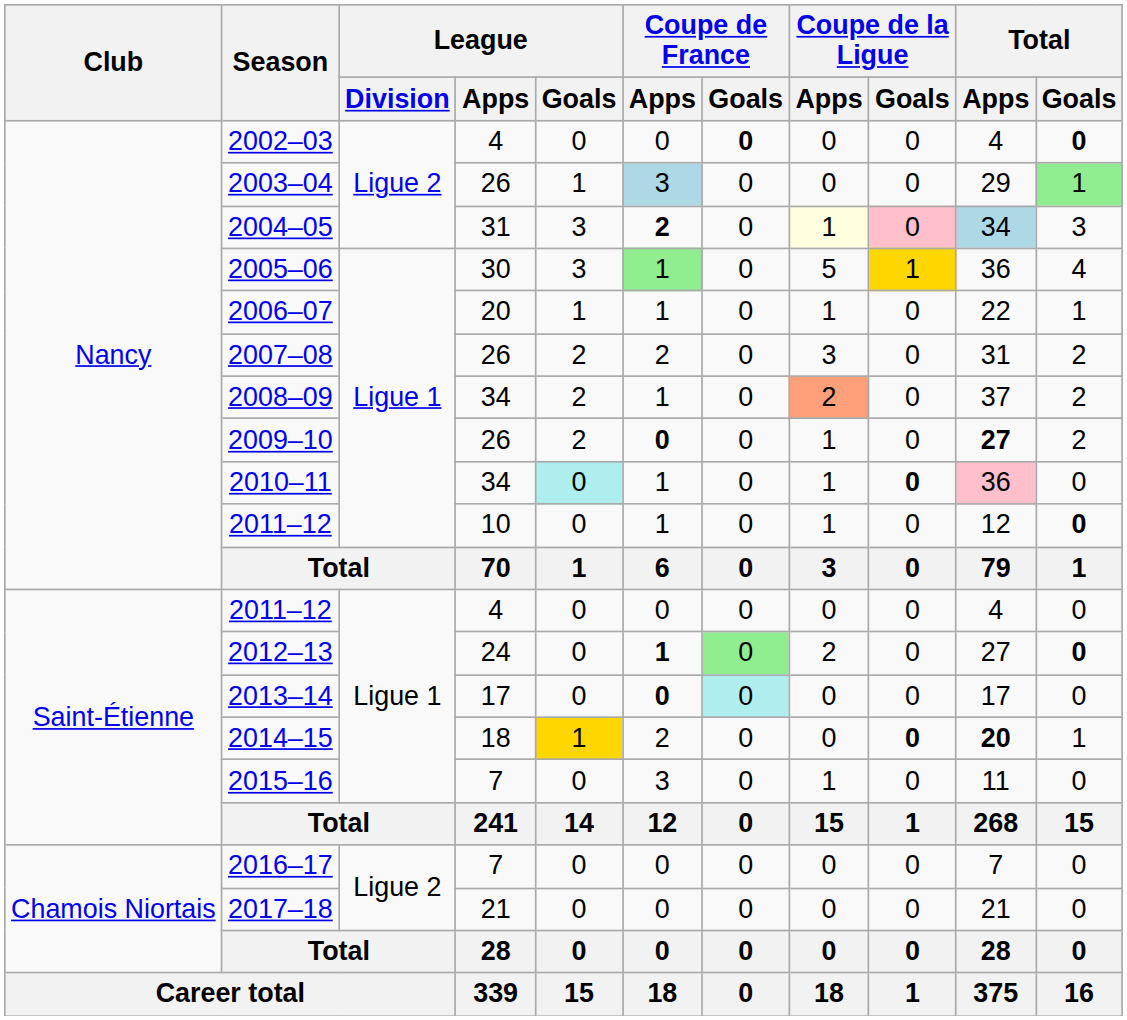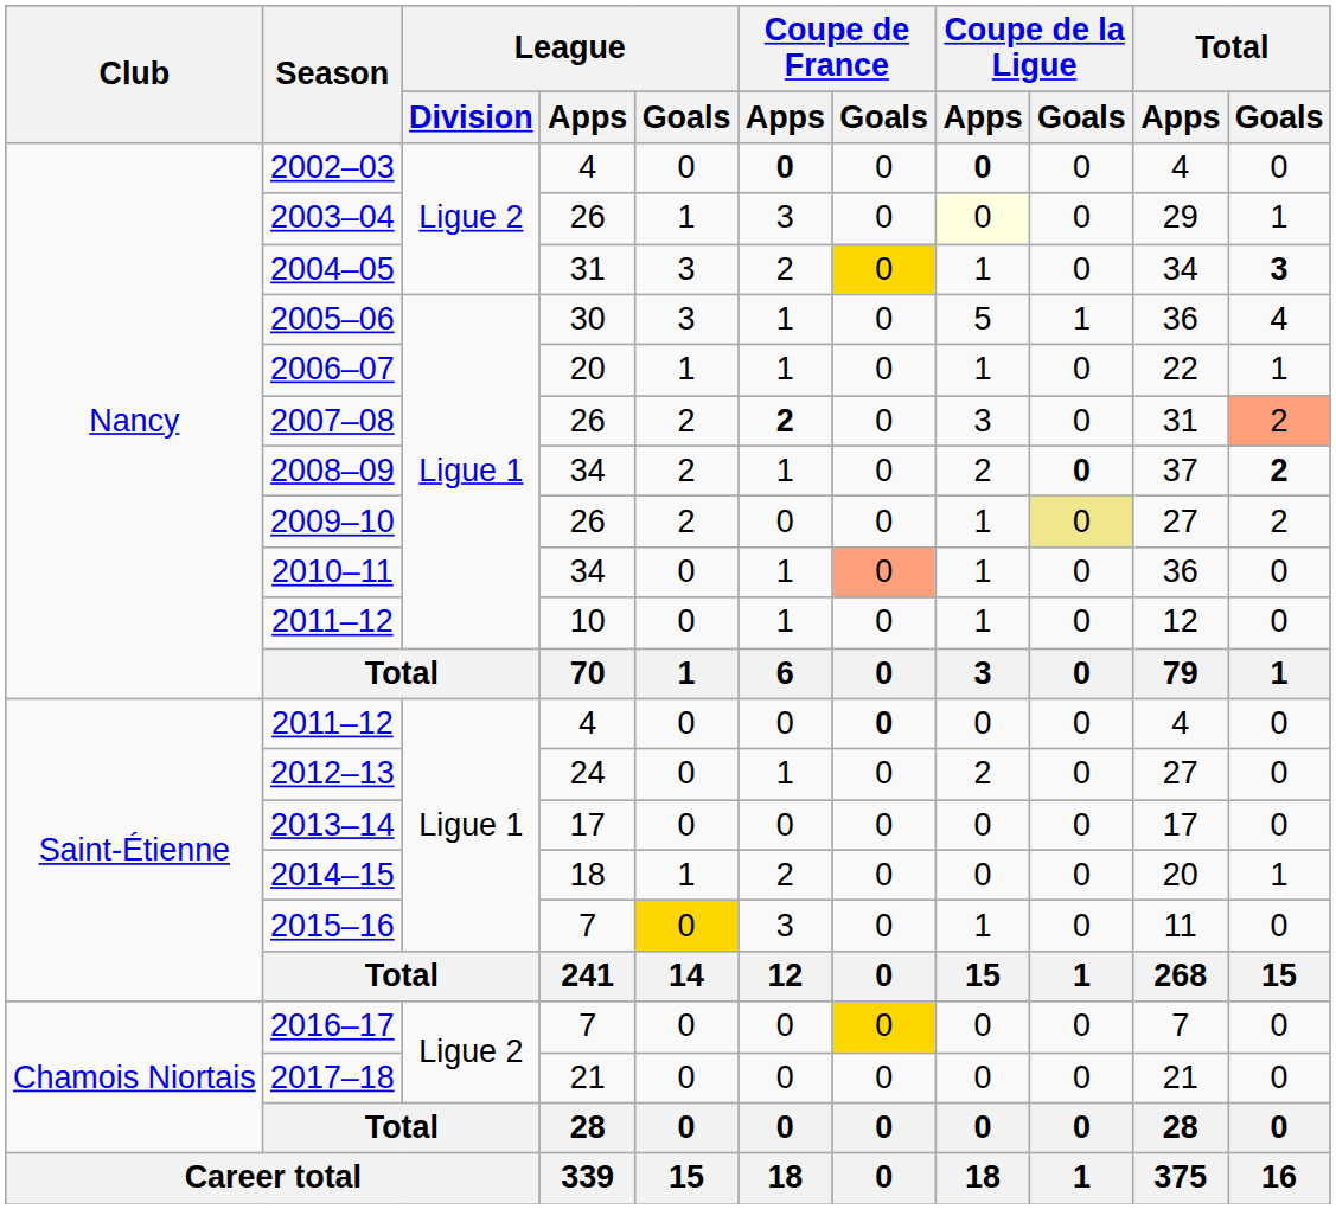 <table class="wikitable" style="text-align:center">
 <tr>
 <th rowspan="2">Club</th>
 <th rowspan="2">Season</th>
 <th colspan="3">League</th>
 <th colspan="2"><a href='#'>Coupe de France</a></th>
 <th colspan="2"><a href='#'>Coupe de la Ligue</a></th>
 <th colspan="2">Total</th>
 </tr>
 <tr>
 <th><a href='#'>Division</a></th>
 <th width="40">Apps</th>
 <th width="40">Goals</th>
 <th width="40">Apps</th>
 <th width="40">Goals</th>
 <th width="40">Apps</th>
 <th width="40">Goals</th>
 <th width="40">Apps</th>
 <th width="40">Goals</th>
 </tr>
 <tr>
 <td rowspan="11"><a href='#'>Nancy</a></td>
 <td><a href='#'>2002–03</a></td>
 <td rowspan="3"><a href='#'>Ligue 2</a></td>
 <td>4</td>
 <td>0</td>
+<td><strong>0</strong></td>
 <td>0</td>
 <td><strong>0</strong></td>
 <td>0</td>
+<td>4</td>
 <td>0</td>
-<td>4</td>
-<td><strong>0</strong></td>
 </tr>
 <tr>
 <td><a href='#'>2003–04</a></td>
 <td>26</td>
 <td>1</td>
-<td style="background: lightblue;">3</td>
+<td>3</td>
 <td>0</td>
-<td>0</td>
+<td style="background: lightyellow;">0</td>
 <td>0</td>
 <td>29</td>
-<td style="background: lightgreen;">1</td>
+<td>1</td>
 </tr>
 <tr>
 <td><a href='#'>2004–05</a></td>
 <td>31</td>
 <td>3</td>
-<td><strong>2</strong></td>
+<td>2</td>
+<td style="background: gold;">0</td>
+<td>1</td>
 <td>0</td>
-<td style="background: lightyellow;">1</td>
-<td style="background: pink;">0</td>
-<td style="background: lightblue;">34</td>
-<td>3</td>
+<td>34</td>
+<td><strong>3</strong></td>
 </tr>
 <tr>
 <td><a href='#'>2005–06</a></td>
 <td rowspan="7"><a href='#'>Ligue 1</a></td>
 <td>30</td>
 <td>3</td>
-<td style="background: lightgreen;">1</td>
+<td>1</td>
 <td>0</td>
 <td>5</td>
-<td style="background: gold;">1</td>
+<td>1</td>
 <td>36</td>
 <td>4</td>
 </tr>
 <tr>
 <td><a href='#'>2006–07</a></td>
 <td>20</td>
 <td>1</td>
 <td>1</td>
 <td>0</td>
 <td>1</td>
 <td>0</td>
 <td>22</td>
 <td>1</td>
 </tr>
 <tr>
 <td><a href='#'>2007–08</a></td>
 <td>26</td>
 <td>2</td>
-<td>2</td>
+<td><strong>2</strong></td>
 <td>0</td>
 <td>3</td>
 <td>0</td>
 <td>31</td>
-<td>2</td>
+<td style="background: lightsalmon;">2</td>
 </tr>
 <tr>
 <td><a href='#'>2008–09</a></td>
 <td>34</td>
 <td>2</td>
 <td>1</td>
 <td>0</td>
-<td style="background: lightsalmon;">2</td>
-<td>0</td>
+<td>2</td>
+<td><strong>0</strong></td>
 <td>37</td>
-<td>2</td>
+<td><strong>2</strong></td>
 </tr>
 <tr>
 <td><a href='#'>2009–10</a></td>
 <td>26</td>
 <td>2</td>
-<td><strong>0</strong></td>
+<td>0</td>
 <td>0</td>
 <td>1</td>
-<td>0</td>
-<td><strong>27</strong></td>
+<td style="background: khaki;">0</td>
+<td>27</td>
 <td>2</td>
 </tr>
 <tr>
 <td><a href='#'>2010–11</a></td>
 <td>34</td>
-<td style="background: paleturquoise;">0</td>
+<td>0</td>
+<td>1</td>
+<td style="background: lightsalmon;">0</td>
 <td>1</td>
 <td>0</td>
-<td>1</td>
-<td><strong>0</strong></td>
-<td style="background: pink;">36</td>
+<td>36</td>
 <td>0</td>
 </tr>
 <tr>
 <td><a href='#'>2011–12</a></td>
 <td>10</td>
 <td>0</td>
 <td>1</td>
 <td>0</td>
 <td>1</td>
 <td>0</td>
 <td>12</td>
-<td><strong>0</strong></td>
+<td>0</td>
 </tr>
 <tr>
 <th colspan="2">Total</th>
 <th>70</th>
 <th>1</th>
 <th>6</th>
 <th>0</th>
 <th>3</th>
 <th>0</th>
 <th>79</th>
 <th>1</th>
 </tr>
 <tr>
 <td rowspan="6"><a href='#'>Saint-Étienne</a></td>
 <td><a href='#'>2011–12</a></td>
 <td rowspan="5">Ligue 1</td>
 <td>4</td>
 <td>0</td>
 <td>0</td>
-<td>0</td>
+<td><strong>0</strong></td>
 <td>0</td>
 <td>0</td>
 <td>4</td>
 <td>0</td>
 </tr>
 <tr>
 <td><a href='#'>2012–13</a></td>
 <td>24</td>
 <td>0</td>
-<td><strong>1</strong></td>
-<td style="background: lightgreen;">0</td>
+<td>1</td>
+<td>0</td>
 <td>2</td>
 <td>0</td>
 <td>27</td>
-<td><strong>0</strong></td>
+<td>0</td>
 </tr>
 <tr>
 <td><a href='#'>2013–14</a></td>
 <td>17</td>
 <td>0</td>
-<td><strong>0</strong></td>
-<td style="background: paleturquoise;">0</td>
+<td>0</td>
+<td>0</td>
 <td>0</td>
 <td>0</td>
 <td>17</td>
 <td>0</td>
 </tr>
 <tr>
 <td><a href='#'>2014–15</a></td>
 <td>18</td>
-<td style="background: gold;">1</td>
+<td>1</td>
 <td>2</td>
 <td>0</td>
 <td>0</td>
-<td><strong>0</strong></td>
-<td><strong>20</strong></td>
+<td>0</td>
+<td>20</td>
 <td>1</td>
 </tr>
 <tr>
 <td><a href='#'>2015–16</a></td>
 <td>7</td>
-<td>0</td>
+<td style="background: gold;">0</td>
 <td>3</td>
 <td>0</td>
 <td>1</td>
 <td>0</td>
 <td>11</td>
 <td>0</td>
 </tr>
 <tr>
 <th colspan="2">Total</th>
 <th>241</th>
 <th>14</th>
 <th>12</th>
 <th>0</th>
 <th>15</th>
 <th>1</th>
 <th>268</th>
 <th>15</th>
 </tr>
 <tr>
 <td rowspan="3"><a href='#'>Chamois Niortais</a></td>
 <td><a href='#'>2016–17</a></td>
 <td rowspan="2">Ligue 2</td>
 <td>7</td>
 <td>0</td>
 <td>0</td>
-<td>0</td>
+<td style="background: gold;">0</td>
 <td>0</td>
 <td>0</td>
 <td>7</td>
 <td>0</td>
 </tr>
 <tr>
 <td><a href='#'>2017–18</a></td>
 <td>21</td>
 <td>0</td>
 <td>0</td>
 <td>0</td>
 <td>0</td>
 <td>0</td>
 <td>21</td>
 <td>0</td>
 </tr>
 <tr>
 <th colspan="2">Total</th>
 <th>28</th>
 <th>0</th>
 <th>0</th>
 <th>0</th>
 <th>0</th>
 <th>0</th>
 <th>28</th>
 <th>0</th>
 </tr>
 <tr>
 <th colspan="3">Career total</th>
 <th>339</th>
 <th>15</th>
 <th>18</th>
 <th>0</th>
 <th>18</th>
 <th>1</th>
 <th>375</th>
 <th>16</th>
 </tr>
 </table>
